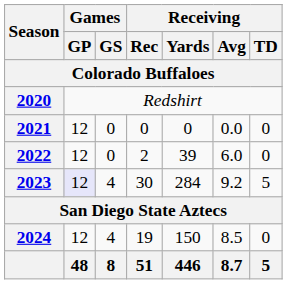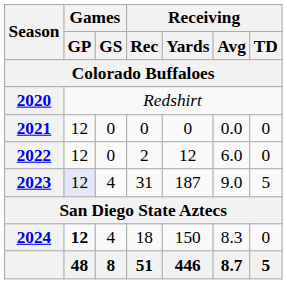 <table class="wikitable" style="text-align:center;">
 <tr>
 <th rowspan="2">Season</th>
 <th colspan="2">Games</th>
 <th colspan="4">Receiving</th>
 </tr>
 <tr>
 <th>GP</th>
 <th>GS</th>
 <th>Rec</th>
 <th>Yards</th>
 <th>Avg</th>
 <th>TD</th>
 </tr>
 <tr>
 <th colspan="8">Colorado Buffaloes</th>
 </tr>
 <tr>
 <th><a href='#'>2020</a></th>
 <td colspan="8"><em>Redshirt </em></td>
 </tr>
 <tr>
 <th><a href='#'>2021</a></th>
 <td>12</td>
 <td>0</td>
 <td>0</td>
 <td>0</td>
 <td>0.0</td>
 <td>0</td>
 </tr>
 <tr>
 <th><a href='#'>2022</a></th>
 <td>12</td>
 <td>0</td>
 <td>2</td>
-<td>39</td>
+<td>12</td>
 <td>6.0</td>
 <td>0</td>
 </tr>
 <tr>
 <th><a href='#'>2023</a></th>
 <td style="background: lavender;">12</td>
 <td>4</td>
-<td>30</td>
-<td>284</td>
-<td>9.2</td>
+<td>31</td>
+<td>187</td>
+<td>9.0</td>
 <td>5</td>
 </tr>
 <tr>
 <th colspan="8">San Diego State Aztecs</th>
 </tr>
 <tr>
 <th><a href='#'>2024</a></th>
-<td>12</td>
+<td><strong>12</strong></td>
 <td>4</td>
-<td>19</td>
+<td>18</td>
 <td>150</td>
-<td>8.5</td>
+<td>8.3</td>
 <td>0</td>
 </tr>
 <tr>
 <th></th>
 <th>48</th>
 <th>8</th>
 <th>51</th>
 <th>446</th>
 <th>8.7</th>
 <th>5</th>
 </tr>
 </table>
